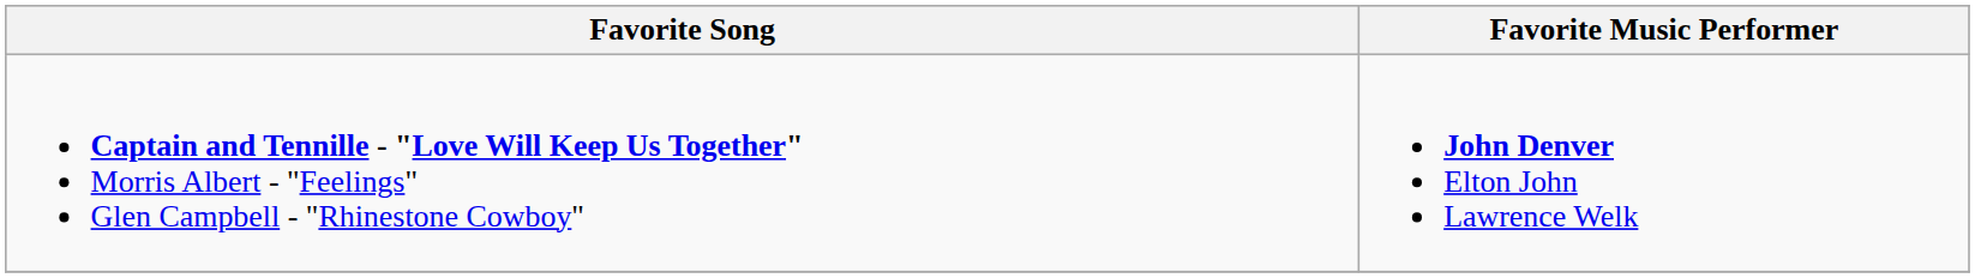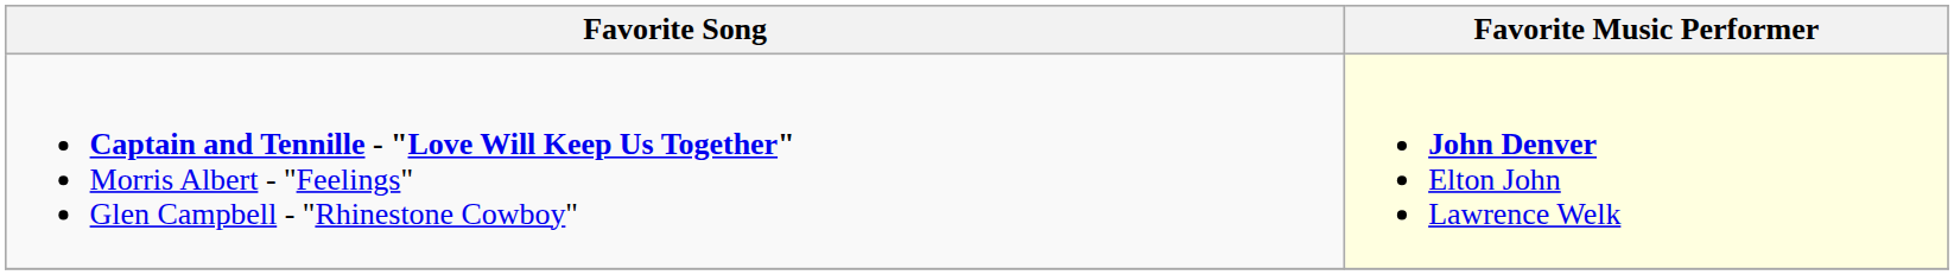 <table class="wikitable" style="width:80%;">
 <tr>
 <th>Favorite Song</th>
 <th>Favorite Music Performer</th>
 </tr>
 <tr>
 <td valign="top"><br><ul><li><strong><a href='#'>Captain and Tennille</a> - "<a href='#'>Love Will Keep Us Together</a>"</strong></li><li><a href='#'>Morris Albert</a> - "<a href='#'>Feelings</a>"</li><li><a href='#'>Glen Campbell</a> - "<a href='#'>Rhinestone Cowboy</a>"</li></ul></td>
-<td valign="top"><br><ul><li><strong><a href='#'>John Denver</a></strong></li><li><a href='#'>Elton John</a></li><li><a href='#'>Lawrence Welk</a></li></ul></td>
+<td valign="top" style="background: lightyellow;"><br><ul><li><strong><a href='#'>John Denver</a></strong></li><li><a href='#'>Elton John</a></li><li><a href='#'>Lawrence Welk</a></li></ul></td>
 </tr>
 <tr>
 </tr>
 </table>
